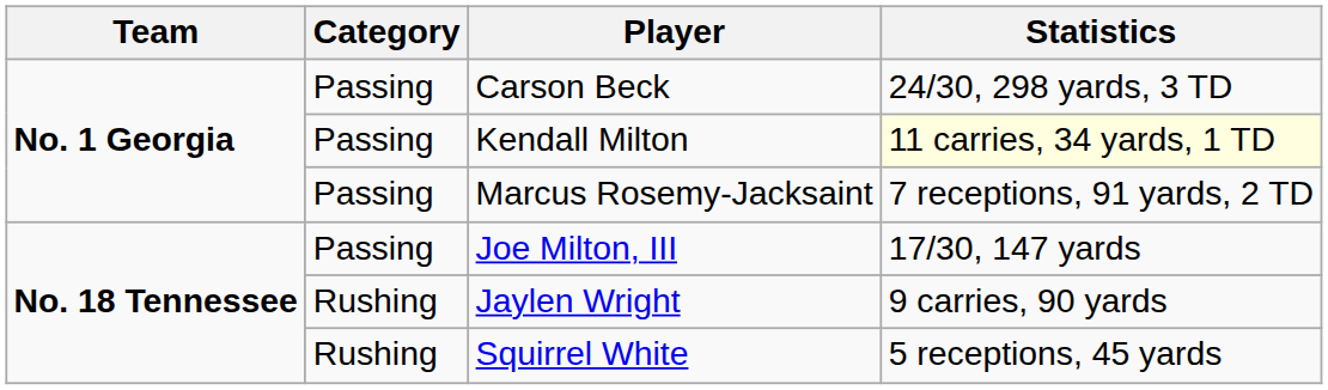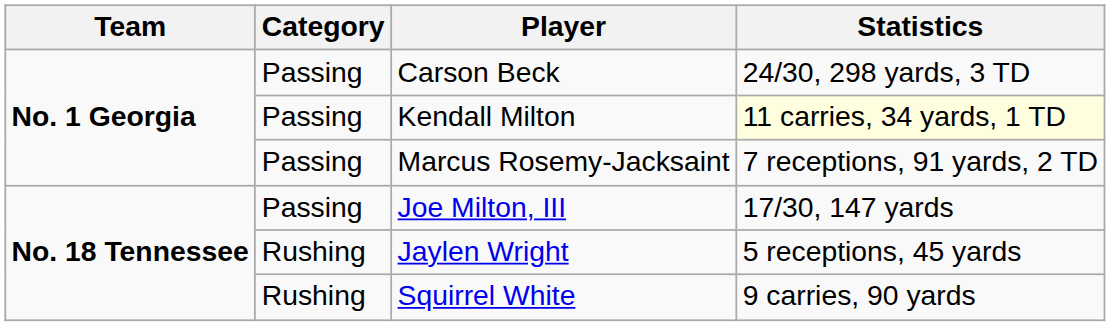 <table class="wikitable" style="float: right;">
 <tr>
 <th>Team</th>
 <th>Category</th>
 <th>Player</th>
 <th>Statistics</th>
 </tr>
 <tr>
 <td rowspan=3><strong>No. 1 Georgia</strong></td>
 <td>Passing</td>
 <td>Carson Beck</td>
 <td>24/30, 298 yards, 3 TD</td>
 </tr>
 <tr>
 <td>Passing</td>
 <td>Kendall Milton</td>
 <td style="background: lightyellow;">11 carries, 34 yards, 1 TD</td>
 </tr>
 <tr>
 <td>Passing</td>
 <td>Marcus Rosemy-Jacksaint</td>
 <td>7 receptions, 91 yards, 2 TD</td>
 </tr>
 <tr>
 <td rowspan=3><strong>No. 18 Tennessee</strong></td>
 <td>Passing</td>
 <td><a href='#'>Joe Milton, III</a></td>
 <td>17/30, 147 yards</td>
 </tr>
 <tr>
 <td>Rushing</td>
 <td><a href='#'>Jaylen Wright</a></td>
-<td>9 carries, 90 yards</td>
+<td>5 receptions, 45 yards</td>
 </tr>
 <tr>
 <td>Rushing</td>
 <td><a href='#'>Squirrel White</a></td>
-<td>5 receptions, 45 yards</td>
+<td>9 carries, 90 yards</td>
 </tr>
 </table>
